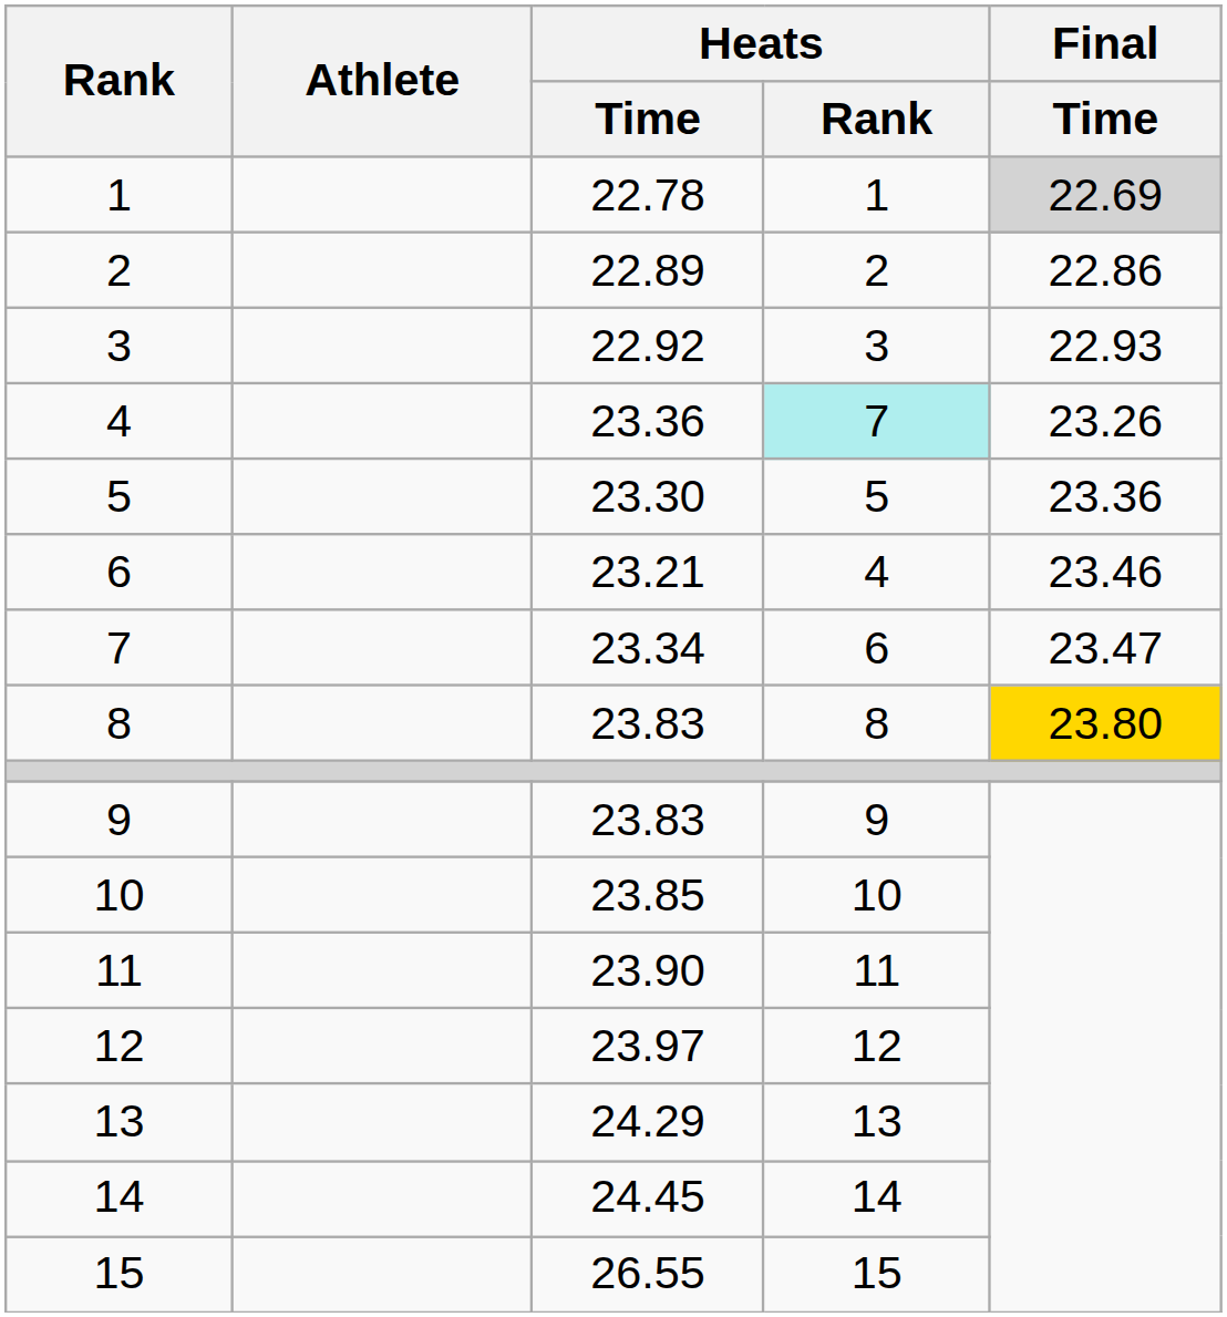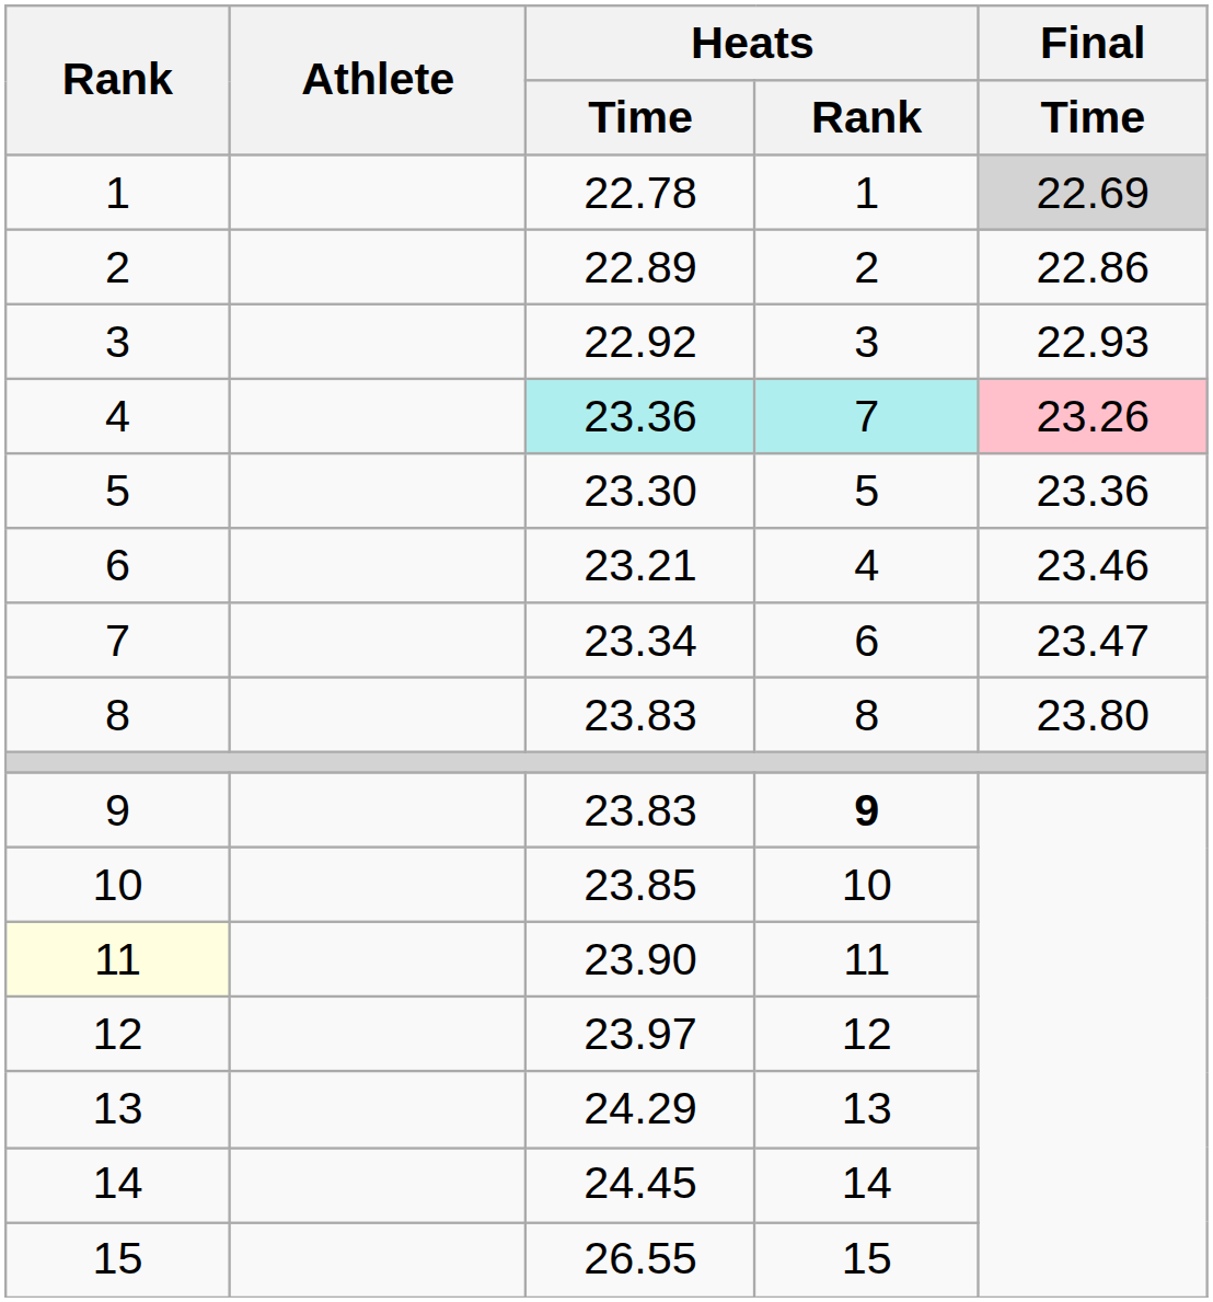 <table class="wikitable" style=" text-align:center; font-size:110%;" width="75%">
 <tr>
 <th rowspan="2">Rank</th>
 <th rowspan="2">Athlete</th>
 <th colspan="2">Heats</th>
 <th>Final</th>
 </tr>
 <tr>
 <th>Time</th>
 <th>Rank</th>
 <th>Time</th>
 </tr>
 <tr>
 <td>1</td>
 <td align=left></td>
 <td>22.78</td>
 <td>1</td>
 <td style="background: lightgrey;">22.69 </td>
 </tr>
 <tr>
 <td>2</td>
 <td align=left></td>
 <td>22.89</td>
 <td>2</td>
 <td>22.86</td>
 </tr>
 <tr>
 <td>3</td>
 <td align=left></td>
 <td>22.92</td>
 <td>3</td>
 <td>22.93</td>
 </tr>
 <tr>
 <td>4</td>
 <td align=left></td>
-<td>23.36</td>
+<td style="background: paleturquoise;">23.36</td>
 <td style="background: paleturquoise;">7</td>
-<td>23.26</td>
+<td style="background: pink;">23.26</td>
 </tr>
 <tr>
 <td>5</td>
 <td align=left></td>
 <td>23.30</td>
 <td>5</td>
 <td>23.36</td>
 </tr>
 <tr>
 <td>6</td>
 <td align=left></td>
 <td>23.21</td>
 <td>4</td>
 <td>23.46</td>
 </tr>
 <tr>
 <td>7</td>
 <td align=left></td>
 <td>23.34</td>
 <td>6</td>
 <td>23.47</td>
 </tr>
 <tr>
 <td>8</td>
 <td align=left></td>
 <td>23.83</td>
 <td>8</td>
-<td style="background: gold;">23.80</td>
+<td>23.80</td>
 </tr>
 <tr>
 <td colspan=5 bgcolor=lightgray></td>
 </tr>
 <tr>
 <td>9</td>
 <td align=left></td>
 <td>23.83</td>
-<td>9</td>
+<td><strong>9</strong></td>
 </tr>
 <tr>
 <td>10</td>
 <td align=left></td>
 <td>23.85</td>
 <td>10</td>
 </tr>
 <tr>
-<td>11</td>
+<td style="background: lightyellow;">11</td>
 <td align=left></td>
 <td>23.90</td>
 <td>11</td>
 </tr>
 <tr>
 <td>12</td>
 <td align=left></td>
 <td>23.97</td>
 <td>12</td>
 </tr>
 <tr>
 <td>13</td>
 <td align=left></td>
 <td>24.29</td>
 <td>13</td>
 </tr>
 <tr>
 <td>14</td>
 <td align=left></td>
 <td>24.45</td>
 <td>14</td>
 </tr>
 <tr>
 <td>15</td>
 <td align=left></td>
 <td>26.55</td>
 <td>15</td>
 </tr>
 </table>
